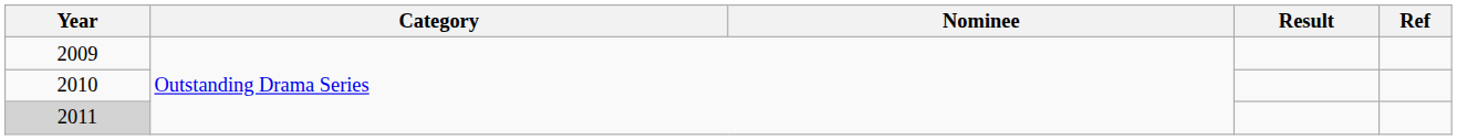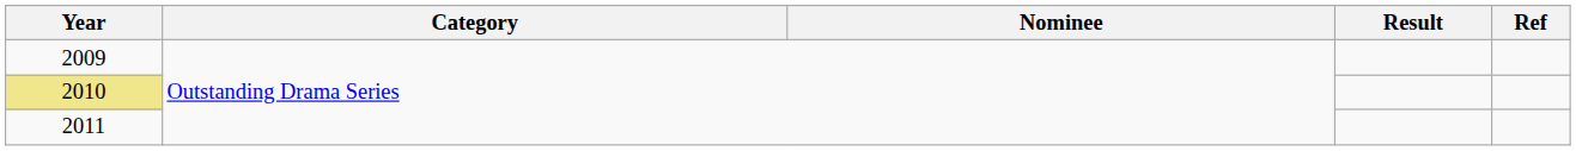 <table class="wikitable" width="90%">
 <tr>
 <th width="10%">Year</th>
 <th width="40%">Category</th>
 <th width="35%">Nominee</th>
 <th width="10%">Result</th>
 <th width="5%">Ref</th>
 </tr>
 <tr>
 <td align="center">2009</td>
 <td rowspan="3" colspan="2"><a href='#'>Outstanding Drama Series</a></td>
 <td></td>
 <td align="center"></td>
 </tr>
 <tr>
-<td align="center">2010</td>
+<td align="center" style="background: khaki;">2010</td>
 <td></td>
 <td align="center"></td>
 </tr>
 <tr>
-<td align="center" style="background: lightgrey;">2011</td>
+<td align="center">2011</td>
 <td></td>
 <td align="center"></td>
 </tr>
 </table>
